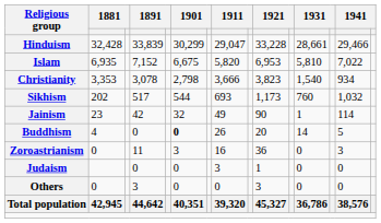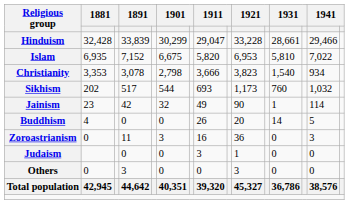 <table class="wikitable sortable">
 <tr>
 <th rowspan="2"><a href='#'>Religious</a><br>group</th>
 <th colspan="2">1881</th>
 <th colspan="2">1891</th>
 <th colspan="2">1901</th>
 <th colspan="2">1911</th>
 <th colspan="2">1921</th>
 <th colspan="2">1931</th>
 <th colspan="2">1941</th>
 </tr>
 <tr>
 <th><a href='#'></a></th>
 <th></th>
 <th></th>
 <th></th>
 <th></th>
 <th></th>
 <th></th>
 <th></th>
 <th></th>
 <th></th>
 <th></th>
 <th></th>
 <th></th>
 <th></th>
 </tr>
 <tr>
 <th><a href='#'>Hinduism</a> </th>
 <td>32,428</td>
 <td></td>
 <td>33,839</td>
 <td></td>
 <td>30,299</td>
 <td></td>
 <td>29,047</td>
 <td></td>
 <td>33,228</td>
 <td></td>
 <td>28,661</td>
 <td></td>
 <td>29,466</td>
 <td></td>
 </tr>
 <tr>
 <th><a href='#'>Islam</a> </th>
 <td>6,935</td>
 <td></td>
 <td>7,152</td>
 <td></td>
 <td>6,675</td>
 <td></td>
 <td>5,820</td>
 <td></td>
 <td>6,953</td>
 <td></td>
 <td>5,810</td>
 <td></td>
 <td>7,022</td>
 <td></td>
 </tr>
 <tr>
 <th><a href='#'>Christianity</a> </th>
 <td>3,353</td>
 <td></td>
 <td>3,078</td>
 <td></td>
 <td>2,798</td>
 <td></td>
 <td>3,666</td>
 <td></td>
 <td>3,823</td>
 <td></td>
 <td>1,540</td>
 <td></td>
 <td>934</td>
 <td></td>
 </tr>
 <tr>
 <th><a href='#'>Sikhism</a> </th>
 <td>202</td>
 <td></td>
 <td>517</td>
 <td></td>
 <td>544</td>
 <td></td>
 <td>693</td>
 <td></td>
 <td>1,173</td>
 <td></td>
 <td>760</td>
 <td></td>
 <td>1,032</td>
 <td></td>
 </tr>
 <tr>
 <th><a href='#'>Jainism</a> </th>
 <td>23</td>
 <td></td>
 <td>42</td>
 <td></td>
 <td>32</td>
 <td></td>
 <td>49</td>
 <td></td>
 <td>90</td>
 <td></td>
 <td>1</td>
 <td></td>
 <td>114</td>
 <td></td>
 </tr>
 <tr>
 <th><a href='#'>Buddhism</a> </th>
 <td>4</td>
 <td></td>
 <td>0</td>
 <td></td>
-<td><strong>0</strong></td>
+<td>0</td>
 <td></td>
 <td>26</td>
 <td></td>
 <td>20</td>
 <td></td>
 <td>14</td>
 <td></td>
 <td>5</td>
 <td></td>
 </tr>
 <tr>
 <th><a href='#'>Zoroastrianism</a> </th>
 <td>0</td>
 <td></td>
 <td>11</td>
 <td></td>
 <td>3</td>
 <td></td>
 <td>16</td>
 <td></td>
 <td>36</td>
 <td></td>
 <td>0</td>
 <td></td>
 <td>3</td>
 <td></td>
 </tr>
 <tr>
 <th><a href='#'>Judaism</a> </th>
 <td></td>
 <td></td>
 <td>0</td>
 <td></td>
 <td>0</td>
 <td></td>
 <td>3</td>
 <td></td>
 <td>1</td>
 <td></td>
 <td>0</td>
 <td></td>
 <td>0</td>
 <td></td>
 </tr>
 <tr>
 <th>Others</th>
 <td>0</td>
 <td></td>
 <td>3</td>
 <td></td>
 <td>0</td>
 <td></td>
 <td>0</td>
 <td></td>
 <td>3</td>
 <td></td>
 <td>0</td>
 <td></td>
 <td>0</td>
 <td></td>
 </tr>
 <tr>
 <th>Total population</th>
 <th>42,945</th>
 <th></th>
 <th>44,642</th>
 <th></th>
 <th>40,351</th>
 <th></th>
 <th>39,320</th>
 <th></th>
 <th>45,327</th>
 <th></th>
 <th>36,786</th>
 <th></th>
 <th>38,576</th>
 <th></th>
 </tr>
 <tr class="sortbottom">
 <td colspan="15"></td>
 </tr>
 </table>
